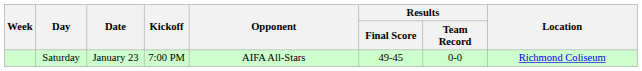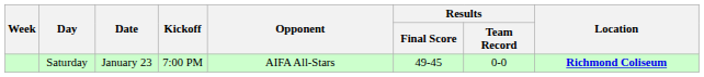 <table class="wikitable">
 <tr>
 <th rowspan="2" width="40">Week</th>
 <th rowspan="2" width="70">Day</th>
 <th rowspan="2" width="80">Date</th>
 <th rowspan="2" width="60">Kickoff</th>
 <th rowspan="2" width="250">Opponent</th>
 <th colspan="2" width="180">Results</th>
 <th rowspan="2" width="220">Location</th>
 </tr>
 <tr>
 <th width="90">Final Score</th>
 <th width="90">Team Record</th>
 </tr>
 <tr align="center" bgcolor="#CCFFCC">
 <td align="center"></td>
 <td align="center">Saturday</td>
 <td align="center">January 23</td>
 <td align="center">7:00 PM</td>
 <td align="center">AIFA All-Stars</td>
 <td align="center">49-45</td>
 <td align="center">0-0</td>
-<td align="center"><a href='#'>Richmond Coliseum</a></td>
+<td align="center"><strong><a href='#'>Richmond Coliseum</a></strong></td>
 </tr>
 </table>
